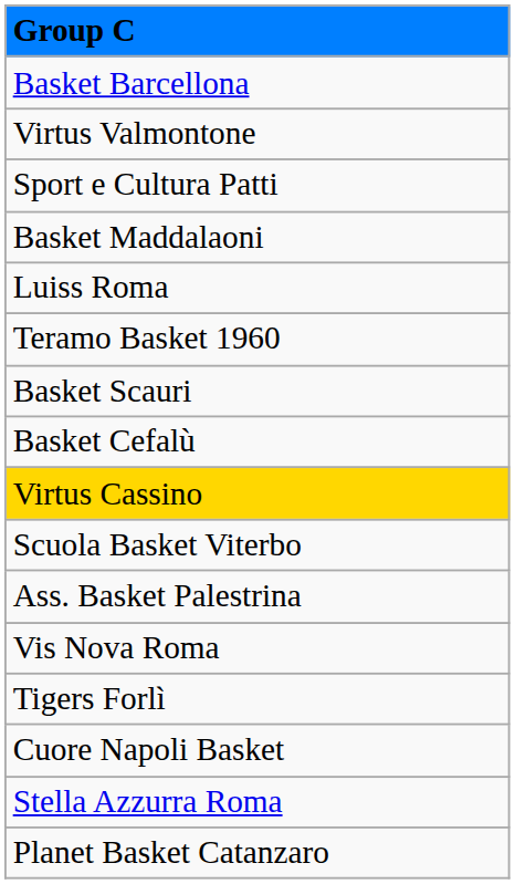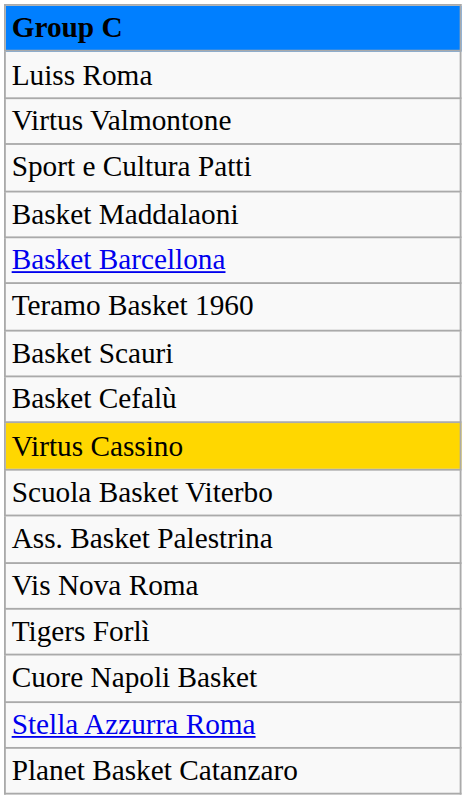 <table class="wikitable" width="250px" align="center" font-size="100%">
 <tr>
 <td style="background-color:#007FFF"><span><strong>Group C</strong></span></td>
 </tr>
 <tr>
-<td><a href='#'>Basket Barcellona</a></td>
+<td>Luiss Roma</td>
 </tr>
 <tr>
 <td>Virtus Valmontone</td>
 </tr>
 <tr>
 <td>Sport e Cultura Patti</td>
 </tr>
 <tr>
 <td>Basket Maddalaoni</td>
 </tr>
 <tr>
-<td>Luiss Roma</td>
+<td><a href='#'>Basket Barcellona</a></td>
 </tr>
 <tr>
 <td>Teramo Basket 1960</td>
 </tr>
 <tr>
 <td>Basket Scauri</td>
 </tr>
 <tr>
 <td>Basket Cefalù</td>
 </tr>
 <tr>
 <td style="background: gold;">Virtus Cassino</td>
 </tr>
 <tr>
 <td>Scuola Basket Viterbo</td>
 </tr>
 <tr>
 <td>Ass. Basket Palestrina</td>
 </tr>
 <tr>
 <td>Vis Nova Roma</td>
 </tr>
 <tr>
 <td>Tigers Forlì</td>
 </tr>
 <tr>
 <td>Cuore Napoli Basket</td>
 </tr>
 <tr>
 <td><a href='#'>Stella Azzurra Roma</a></td>
 </tr>
 <tr>
 <td>Planet Basket Catanzaro</td>
 </tr>
 </table>
